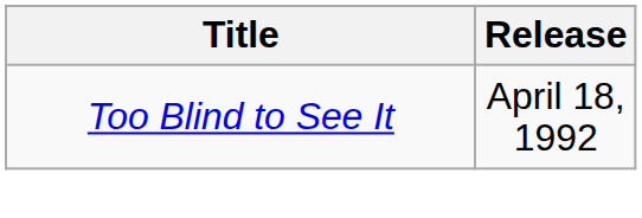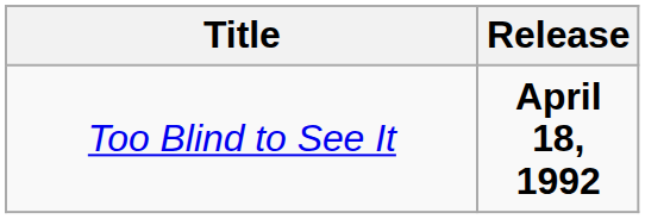 <table class="wikitable plainrowheaders" style="text-align:center;">
 <tr>
 <th scope="col" rowspan="1" style="width:12em;">Title</th>
 <th scope="col" rowspan="1" style="width:1em;">Release</th>
 </tr>
 <tr>
 <td><em><a href='#'>Too Blind to See It</a></em></td>
-<td>April 18, 1992</td>
+<td><strong>April 18, 1992</strong></td>
 </tr>
 </table>
